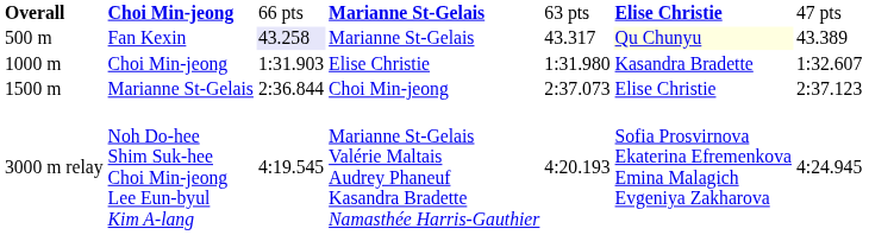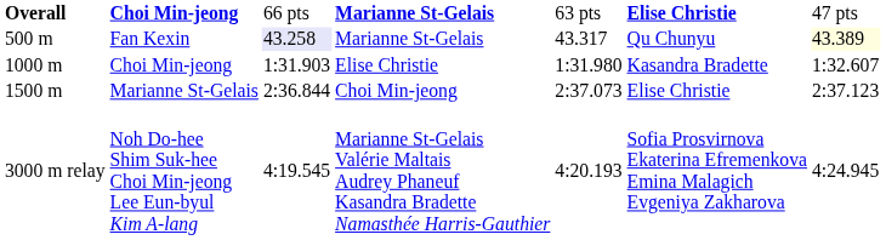 <table>
 <tr>
 <td><strong>Overall</strong></td>
 <td><strong><a href='#'>Choi Min-jeong</a><br></strong></td>
 <td>66 pts</td>
 <td><strong><a href='#'>Marianne St-Gelais</a><br></strong></td>
 <td>63 pts</td>
 <td><strong><a href='#'>Elise Christie</a><br> </strong></td>
 <td>47 pts</td>
 </tr>
 <tr>
 <td>500 m</td>
 <td><a href='#'>Fan Kexin</a><br></td>
 <td style="background: lavender;">43.258</td>
 <td><a href='#'>Marianne St-Gelais</a><br></td>
 <td>43.317</td>
-<td style="background: lightyellow;"><a href='#'>Qu Chunyu</a><br></td>
-<td>43.389</td>
+<td><a href='#'>Qu Chunyu</a><br></td>
+<td style="background: lightyellow;">43.389</td>
 </tr>
 <tr>
 <td>1000 m</td>
 <td><a href='#'>Choi Min-jeong</a><br></td>
 <td>1:31.903</td>
 <td><a href='#'>Elise Christie</a><br></td>
 <td>1:31.980</td>
 <td><a href='#'>Kasandra Bradette</a><br></td>
 <td>1:32.607</td>
 </tr>
 <tr>
 <td>1500 m</td>
 <td><a href='#'>Marianne St-Gelais</a><br></td>
 <td>2:36.844</td>
 <td><a href='#'>Choi Min-jeong</a><br></td>
 <td>2:37.073</td>
 <td><a href='#'>Elise Christie</a><br></td>
 <td>2:37.123</td>
 </tr>
 <tr>
 <td>3000 m relay</td>
 <td><br><a href='#'>Noh Do-hee</a><br><a href='#'>Shim Suk-hee</a><br><a href='#'>Choi Min-jeong</a><br><a href='#'>Lee Eun-byul</a><br><em><a href='#'>Kim A-lang</a></em></td>
 <td>4:19.545</td>
 <td><br><a href='#'>Marianne St-Gelais</a><br><a href='#'>Valérie Maltais</a><br><a href='#'>Audrey Phaneuf</a><br><a href='#'>Kasandra Bradette</a><br><em><a href='#'>Namasthée Harris-Gauthier</a></em></td>
 <td>4:20.193</td>
 <td valign=top><br><a href='#'>Sofia Prosvirnova</a><br><a href='#'>Ekaterina Efremenkova</a><br><a href='#'>Emina Malagich</a><br><a href='#'>Evgeniya Zakharova</a></td>
 <td>4:24.945</td>
 </tr>
 </table>
